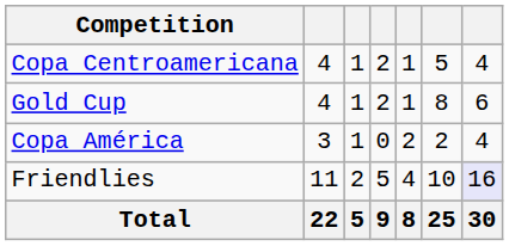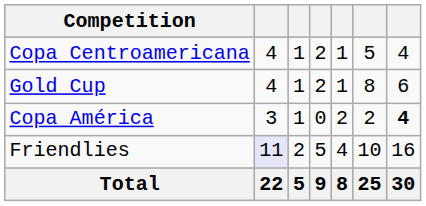 <table class="wikitable">
 <tr>
 <th>Competition</th>
 <th></th>
 <th></th>
 <th></th>
 <th></th>
 <th></th>
 <th></th>
 </tr>
 <tr align="center">
 <td align="left"><a href='#'>Copa Centroamericana</a></td>
 <td>4</td>
 <td>1</td>
 <td>2</td>
 <td>1</td>
 <td>5</td>
 <td>4</td>
 </tr>
 <tr align="center">
 <td align="left"><a href='#'>Gold Cup</a></td>
 <td>4</td>
 <td>1</td>
 <td>2</td>
 <td>1</td>
 <td>8</td>
 <td>6</td>
 </tr>
 <tr align="center">
 <td align="left"><a href='#'>Copa América</a></td>
 <td>3</td>
 <td>1</td>
 <td>0</td>
 <td>2</td>
 <td>2</td>
-<td>4</td>
+<td><strong>4</strong></td>
 </tr>
 <tr align="center">
 <td align="left">Friendlies</td>
-<td>11</td>
+<td style="background: lavender;">11</td>
 <td>2</td>
 <td>5</td>
 <td>4</td>
 <td>10</td>
-<td style="background: lavender;">16</td>
+<td>16</td>
 </tr>
 <tr align="center">
 <th align="left"><strong>Total</strong></th>
 <th>22</th>
 <th>5</th>
 <th>9</th>
 <th>8</th>
 <th>25</th>
 <th>30</th>
 </tr>
 </table>
